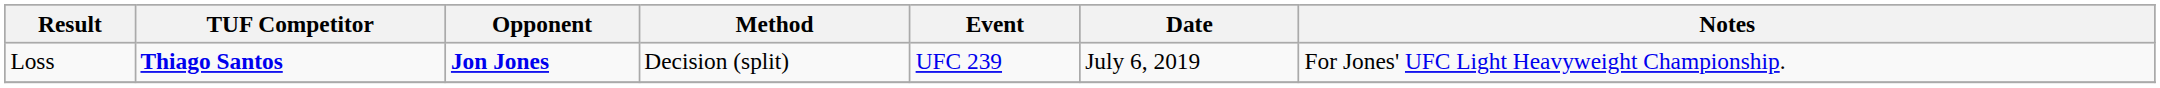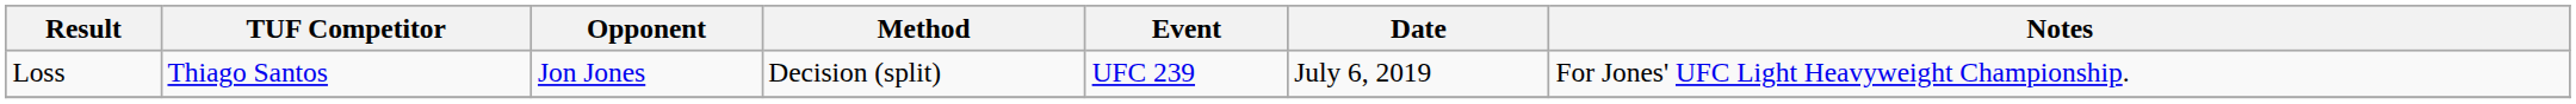 <table class="wikitable sortable" style="font-size:85%; text-align:left; width:99%;">
 <tr>
 <th>Result</th>
 <th>TUF Competitor</th>
 <th>Opponent</th>
 <th>Method</th>
 <th>Event</th>
 <th>Date</th>
 <th>Notes</th>
 </tr>
 <tr>
 <td>Loss</td>
-<td><strong><a href='#'>Thiago Santos</a></strong></td>
-<td><strong><a href='#'>Jon Jones</a></strong></td>
+<td><a href='#'>Thiago Santos</a></td>
+<td><a href='#'>Jon Jones</a></td>
 <td>Decision (split)</td>
 <td><a href='#'>UFC 239</a></td>
 <td>July 6, 2019</td>
 <td>For Jones' <a href='#'>UFC Light Heavyweight Championship</a>.</td>
 </tr>
 <tr>
 </tr>
 </table>
